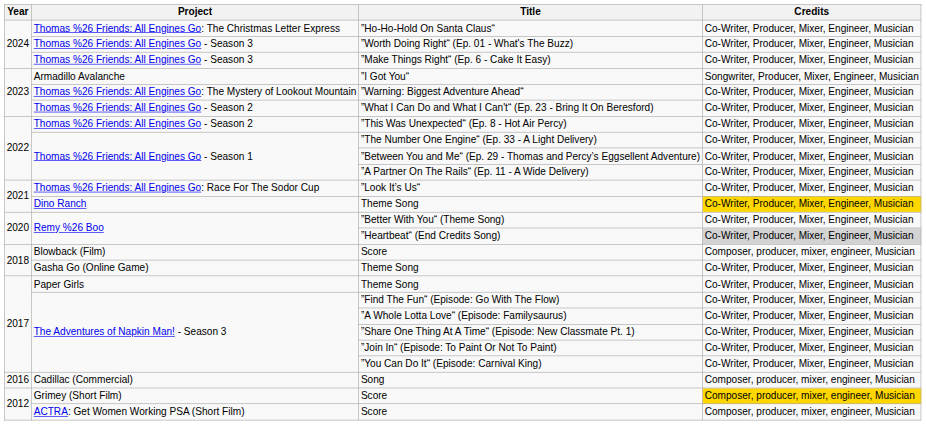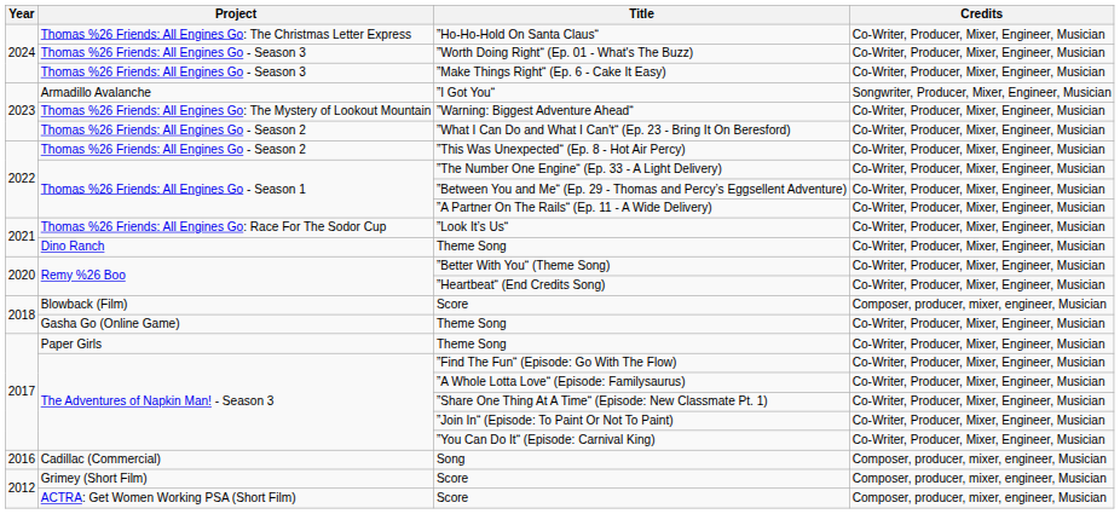 <table class="wikitable plainrowheaders">
 <tr>
 <th scope="col">Year</th>
 <th scope="col">Project</th>
 <th scope="col">Title</th>
 <th scope="col">Credits</th>
 </tr>
 <tr>
 <td rowspan="3">2024</td>
 <td><a href='#'>Thomas %26 Friends: All Engines Go</a>: The Christmas Letter Express</td>
 <td>”Ho-Ho-Hold On Santa Claus“</td>
 <td>Co-Writer, Producer, Mixer, Engineer, Musician</td>
 </tr>
 <tr>
 <td><a href='#'>Thomas %26 Friends: All Engines Go</a> - Season 3</td>
 <td>”Worth Doing Right“ (Ep. 01 - What's The Buzz)</td>
 <td>Co-Writer, Producer, Mixer, Engineer, Musician</td>
 </tr>
 <tr>
 <td><a href='#'>Thomas %26 Friends: All Engines Go</a> - Season 3</td>
 <td>”Make Things Right“ (Ep. 6 - Cake It Easy)</td>
 <td>Co-Writer, Producer, Mixer, Engineer, Musician</td>
 </tr>
 <tr>
 <td rowspan="3">2023</td>
 <td>Armadillo Avalanche</td>
 <td>”I Got You“</td>
 <td>Songwriter, Producer, Mixer, Engineer, Musician</td>
 </tr>
 <tr>
 <td><a href='#'>Thomas %26 Friends: All Engines Go</a>: The Mystery of Lookout Mountain</td>
 <td>”Warning: Biggest Adventure Ahead“</td>
 <td>Co-Writer, Producer, Mixer, Engineer, Musician</td>
 </tr>
 <tr>
 <td><a href='#'>Thomas %26 Friends: All Engines Go</a> - Season 2</td>
 <td>”What I Can Do and What I Can't“ (Ep. 23 - Bring It On Beresford)</td>
 <td>Co-Writer, Producer, Mixer, Engineer, Musician</td>
 </tr>
 <tr>
 <td rowspan="4">2022</td>
 <td><a href='#'>Thomas %26 Friends: All Engines Go</a> - Season 2</td>
 <td>”This Was Unexpected“ (Ep. 8 - Hot Air Percy)</td>
 <td>Co-Writer, Producer, Mixer, Engineer, Musician</td>
 </tr>
 <tr>
 <td rowspan="3"><a href='#'>Thomas %26 Friends: All Engines Go</a> - Season 1</td>
 <td>”The Number One Engine“ (Ep. 33 - A Light Delivery)</td>
 <td>Co-Writer, Producer, Mixer, Engineer, Musician</td>
 </tr>
 <tr>
 <td>”Between You and Me“ (Ep. 29 - Thomas and Percy’s Eggsellent Adventure)</td>
 <td>Co-Writer, Producer, Mixer, Engineer, Musician</td>
 </tr>
 <tr>
 <td>”A Partner On The Rails“ (Ep. 11 - A Wide Delivery)</td>
 <td>Co-Writer, Producer, Mixer, Engineer, Musician</td>
 </tr>
 <tr>
 <td rowspan="2">2021</td>
 <td><a href='#'>Thomas %26 Friends: All Engines Go</a>: Race For The Sodor Cup</td>
 <td>”Look It’s Us“</td>
 <td>Co-Writer, Producer, Mixer, Engineer, Musician</td>
 </tr>
 <tr>
 <td><a href='#'>Dino Ranch</a></td>
 <td>Theme Song</td>
-<td style="background: gold;">Co-Writer, Producer, Mixer, Engineer, Musician</td>
+<td>Co-Writer, Producer, Mixer, Engineer, Musician</td>
 </tr>
 <tr>
 <td rowspan="2">2020</td>
 <td rowspan="2"><a href='#'>Remy %26 Boo</a></td>
 <td>”Better With You“ (Theme Song)</td>
 <td>Co-Writer, Producer, Mixer, Engineer, Musician</td>
 </tr>
 <tr>
 <td>”Heartbeat“ (End Credits Song)</td>
-<td style="background: lightgrey;">Co-Writer, Producer, Mixer, Engineer, Musician</td>
+<td>Co-Writer, Producer, Mixer, Engineer, Musician</td>
 </tr>
 <tr>
 <td rowspan="2">2018</td>
 <td>Blowback (Film)</td>
 <td>Score</td>
 <td>Composer, producer, mixer, engineer, Musician</td>
 </tr>
 <tr>
 <td>Gasha Go (Online Game)</td>
 <td>Theme Song</td>
 <td>Co-Writer, Producer, Mixer, Engineer, Musician</td>
 </tr>
 <tr>
 <td rowspan="6">2017</td>
 <td>Paper Girls</td>
 <td>Theme Song</td>
 <td>Co-Writer, Producer, Mixer, Engineer, Musician</td>
 </tr>
 <tr>
 <td rowspan="5"><a href='#'>The Adventures of Napkin Man!</a> - Season 3</td>
 <td>”Find The Fun“ (Episode: Go With The Flow)</td>
 <td>Co-Writer, Producer, Mixer, Engineer, Musician</td>
 </tr>
 <tr>
 <td>”A Whole Lotta Love“ (Episode: Familysaurus)</td>
 <td>Co-Writer, Producer, Mixer, Engineer, Musician</td>
 </tr>
 <tr>
 <td>”Share One Thing At A Time“ (Episode: New Classmate Pt. 1)</td>
 <td>Co-Writer, Producer, Mixer, Engineer, Musician</td>
 </tr>
 <tr>
 <td>”Join In“ (Episode: To Paint Or Not To Paint)</td>
 <td>Co-Writer, Producer, Mixer, Engineer, Musician</td>
 </tr>
 <tr>
 <td>”You Can Do It“ (Episode: Carnival King)</td>
 <td>Co-Writer, Producer, Mixer, Engineer, Musician</td>
 </tr>
 <tr>
 <td rowspan="1">2016</td>
 <td>Cadillac (Commercial)</td>
 <td>Song</td>
 <td>Composer, producer, mixer, engineer, Musician</td>
 </tr>
 <tr>
 <td rowspan="2">2012</td>
 <td>Grimey (Short Film)</td>
 <td>Score</td>
-<td style="background: gold;">Composer, producer, mixer, engineer, Musician</td>
+<td>Composer, producer, mixer, engineer, Musician</td>
 </tr>
 <tr>
 <td><a href='#'>ACTRA</a>: Get Women Working PSA (Short Film)</td>
 <td>Score</td>
 <td>Composer, producer, mixer, engineer, Musician</td>
 </tr>
 </table>
